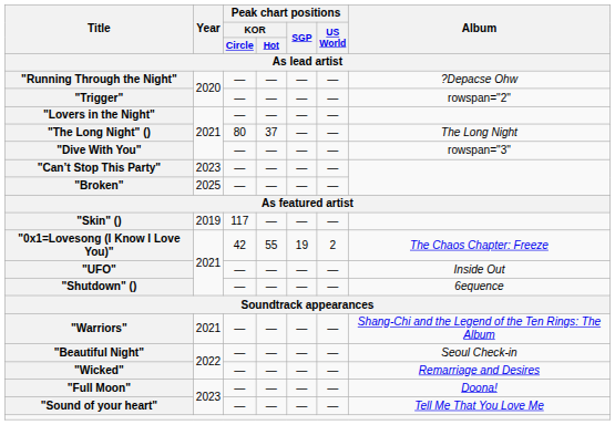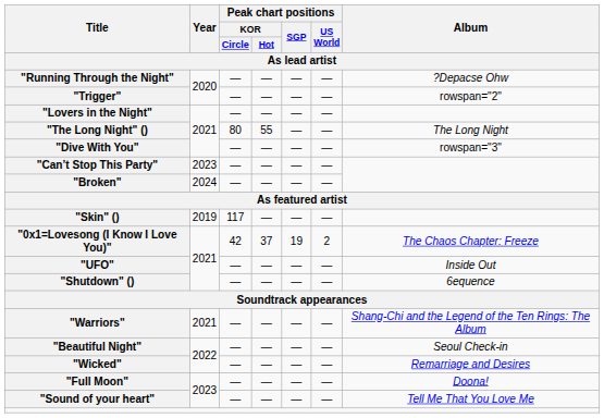 <table class="wikitable plainrowheaders" style="text-align:center;">
 <tr>
 <th scope="col" rowspan="3">Title</th>
 <th scope="col" rowspan="3">Year</th>
 <th colspan="4">Peak chart positions</th>
 <th scope="col" rowspan="3">Album</th>
 </tr>
 <tr>
 <th scope="col" colspan="2" style="width:2.75em;font-size:85%">KOR</th>
 <th scope="col" rowspan="2" style="width:2.75em;font-size:85%;"><a href='#'>SGP</a><br></th>
 <th scope="col" rowspan="2" style="width:2.75em;font-size:85%;"><a href='#'>US<br>World</a><br></th>
 </tr>
 <tr>
 <th scope="col" style="width:2.5em;font-size:90%;"><a href='#'>Circle</a><br></th>
 <th scope="col" style="width:2.75em;font-size:85%;"><a href='#'>Hot</a><br></th>
 </tr>
 <tr>
 <th colspan="9">As lead artist</th>
 </tr>
 <tr>
 <th scope="row">"Running Through the Night"</th>
 <td rowspan="2">2020</td>
 <td>—</td>
 <td>—</td>
 <td>—</td>
 <td>—</td>
 <td><em>?Depacse Ohw</em></td>
 </tr>
 <tr>
 <th scope="row">"Trigger"</th>
 <td>—</td>
 <td>—</td>
 <td>—</td>
 <td>—</td>
 <td>rowspan="2" </td>
 </tr>
 <tr>
 <th scope="row">"Lovers in the Night"</th>
 <td rowspan="3">2021</td>
 <td>—</td>
 <td>—</td>
 <td>—</td>
 <td>—</td>
 </tr>
 <tr>
 <th scope="row">"The Long Night" () <br> </th>
 <td>80</td>
-<td>37</td>
+<td>55</td>
 <td>—</td>
 <td>—</td>
 <td><em>The Long Night</em></td>
 </tr>
 <tr>
 <th scope="row">"Dive With You" </th>
 <td>—</td>
 <td>—</td>
 <td>—</td>
 <td>—</td>
 <td>rowspan="3" </td>
 </tr>
 <tr>
 <th scope="row">"Can’t Stop This Party"</th>
 <td>2023</td>
 <td>—</td>
 <td>—</td>
 <td>—</td>
 <td>—</td>
 </tr>
 <tr>
 <th scope="row">"Broken"</th>
-<td>2025</td>
+<td>2024</td>
 <td>—</td>
 <td>—</td>
 <td>—</td>
 <td>—</td>
 </tr>
 <tr>
 <th colspan="8">As featured artist</th>
 </tr>
 <tr>
 <th scope="row">"Skin" () </th>
 <td>2019</td>
 <td>117</td>
 <td>—</td>
 <td>—</td>
 <td>—</td>
 <td></td>
 </tr>
 <tr>
 <th scope="row">"0x1=Lovesong (I Know I Love You)" <br> </th>
 <td rowspan="3">2021</td>
 <td>42</td>
-<td>55</td>
+<td>37</td>
 <td>19</td>
 <td>2</td>
 <td><em><a href='#'>The Chaos Chapter: Freeze</a></em></td>
 </tr>
 <tr>
 <th scope="row">"UFO" </th>
 <td>—</td>
 <td>—</td>
 <td>—</td>
 <td>—</td>
 <td><em>Inside Out</em></td>
 </tr>
 <tr>
 <th scope="row">"Shutdown" () <br> </th>
 <td>—</td>
 <td>—</td>
 <td>—</td>
 <td>—</td>
 <td><em>6equence</em></td>
 </tr>
 <tr>
 <th colspan="8">Soundtrack appearances</th>
 </tr>
 <tr>
 <th scope="row">"Warriors" </th>
 <td>2021</td>
 <td>—</td>
 <td>—</td>
 <td>—</td>
 <td>—</td>
 <td><em><a href='#'>Shang-Chi and the Legend of the Ten Rings: The Album</a></em></td>
 </tr>
 <tr>
 <th scope="row">"Beautiful Night"</th>
 <td rowspan="2">2022</td>
 <td>—</td>
 <td>—</td>
 <td>—</td>
 <td>—</td>
 <td><em>Seoul Check-in</em></td>
 </tr>
 <tr>
 <th scope="row">"Wicked"</th>
 <td>—</td>
 <td>—</td>
 <td>—</td>
 <td>—</td>
 <td><em><a href='#'>Remarriage and Desires</a></em></td>
 </tr>
 <tr>
 <th scope="row">"Full Moon"</th>
 <td rowspan="2">2023</td>
 <td>—</td>
 <td>—</td>
 <td>—</td>
 <td>—</td>
 <td><em><a href='#'>Doona!</a></em></td>
 </tr>
 <tr>
 <th scope="row">"Sound of your heart"</th>
 <td>—</td>
 <td>—</td>
 <td>—</td>
 <td>—</td>
 <td><em><a href='#'>Tell Me That You Love Me</a></em></td>
 </tr>
 <tr>
 <td colspan="8"></td>
 </tr>
 </table>
